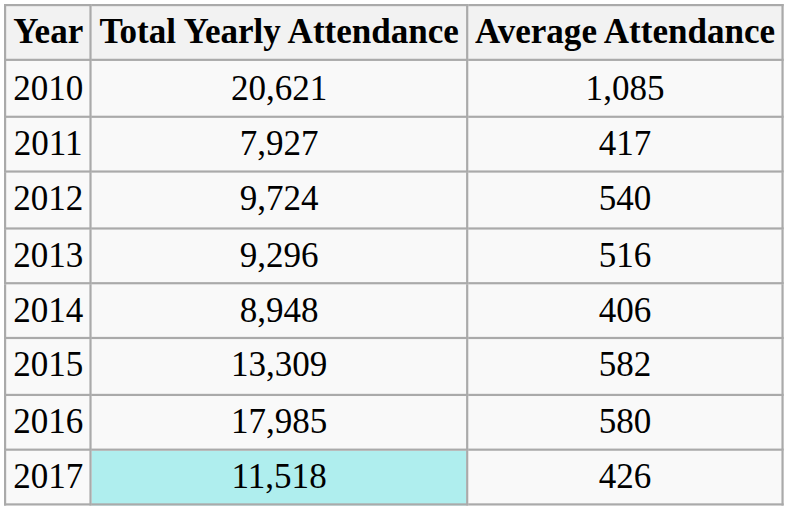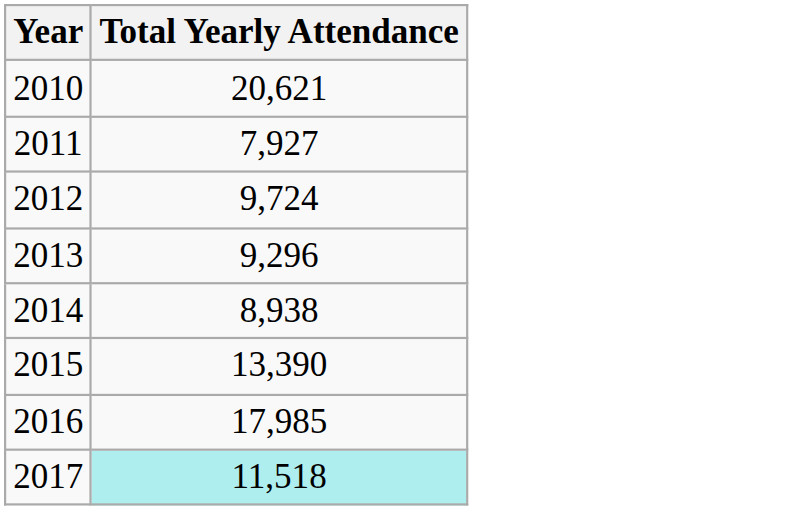 <table class=wikitable style="text-align:center">
 <tr>
 <th>Year</th>
 <th>Total Yearly Attendance</th>
-<th>Average Attendance</th>
 </tr>
 <tr>
 <td>2010</td>
 <td>20,621</td>
-<td>1,085</td>
 </tr>
 <tr>
 <td>2011</td>
 <td>7,927</td>
-<td>417</td>
 </tr>
 <tr>
 <td>2012</td>
 <td>9,724</td>
-<td>540</td>
 </tr>
 <tr>
 <td>2013</td>
 <td>9,296</td>
-<td>516</td>
 </tr>
 <tr>
 <td>2014</td>
-<td>8,948</td>
-<td>406</td>
+<td>8,938</td>
 </tr>
 <tr>
 <td>2015</td>
-<td>13,309</td>
-<td>582</td>
+<td>13,390</td>
 </tr>
 <tr>
 <td>2016</td>
 <td>17,985</td>
-<td>580</td>
 </tr>
 <tr>
 <td>2017</td>
 <td style="background: paleturquoise;">11,518</td>
-<td>426</td>
 </tr>
 </table>
